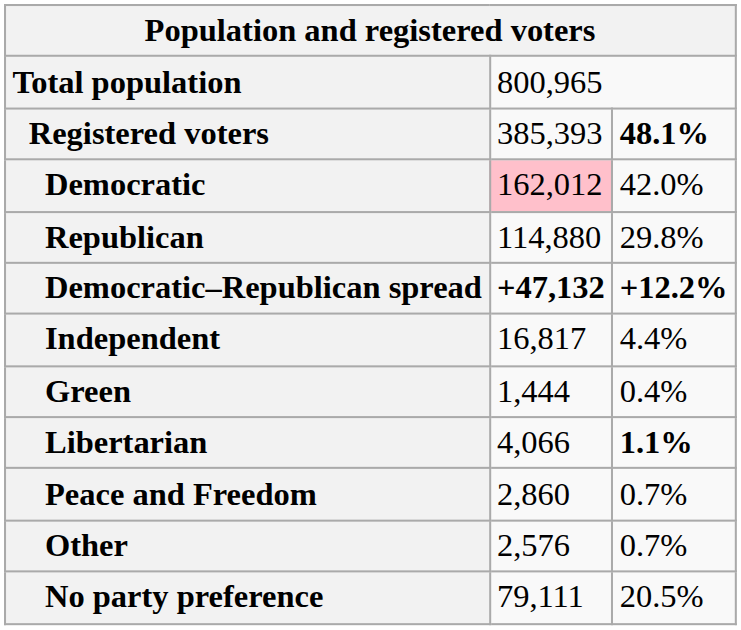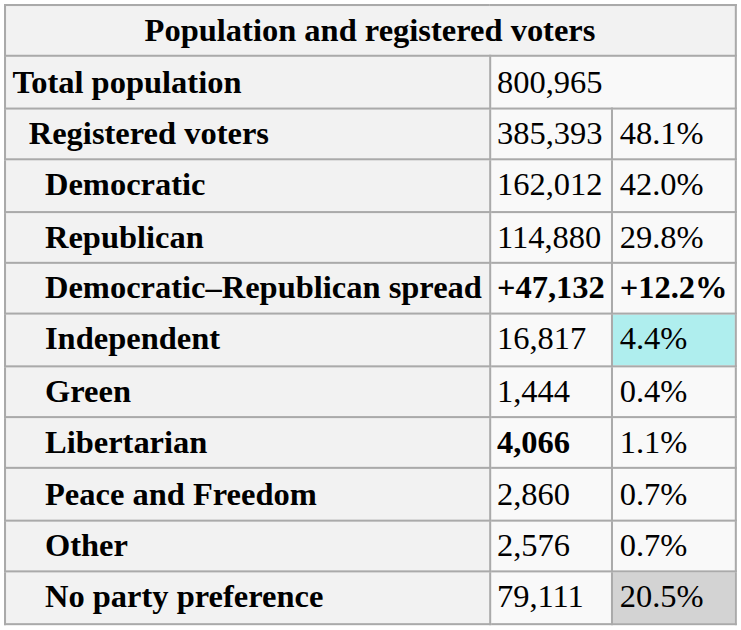 <table class="wikitable collapsible collapsed">
 <tr>
 <th colspan="3">Population and registered voters</th>
 </tr>
 <tr>
 <th scope="row" style="text-align: left;">Total population</th>
 <td colspan="2">800,965</td>
 </tr>
 <tr>
 <th scope="row" style="text-align: left;">  Registered voters</th>
 <td>385,393</td>
-<td><strong>48.1%</strong></td>
+<td>48.1%</td>
 </tr>
 <tr>
 <th scope="row" style="text-align: left;">    Democratic</th>
-<td style="background: pink;">162,012</td>
+<td>162,012</td>
 <td>42.0%</td>
 </tr>
 <tr>
 <th scope="row" style="text-align: left;">    Republican</th>
 <td>114,880</td>
 <td>29.8%</td>
 </tr>
 <tr>
 <th scope="row" style="text-align: left;">    Democratic–Republican spread</th>
 <td><span><strong>+47,132</strong></span></td>
 <td><span><strong>+12.2%</strong></span></td>
 </tr>
 <tr>
 <th scope="row" style="text-align: left;">    Independent</th>
 <td>16,817</td>
-<td>4.4%</td>
+<td style="background: paleturquoise;">4.4%</td>
 </tr>
 <tr>
 <th scope="row" style="text-align: left;">    Green</th>
 <td>1,444</td>
 <td>0.4%</td>
 </tr>
 <tr>
 <th scope="row" style="text-align: left;">    Libertarian</th>
-<td>4,066</td>
-<td><strong>1.1%</strong></td>
+<td><strong>4,066</strong></td>
+<td>1.1%</td>
 </tr>
 <tr>
 <th scope="row" style="text-align: left;">    Peace and Freedom</th>
 <td>2,860</td>
 <td>0.7%</td>
 </tr>
 <tr>
 <th scope="row" style="text-align: left;">    Other</th>
 <td>2,576</td>
 <td>0.7%</td>
 </tr>
 <tr>
 <th scope="row" style="text-align: left;">    No party preference</th>
 <td>79,111</td>
-<td>20.5%</td>
+<td style="background: lightgrey;">20.5%</td>
 </tr>
 </table>
